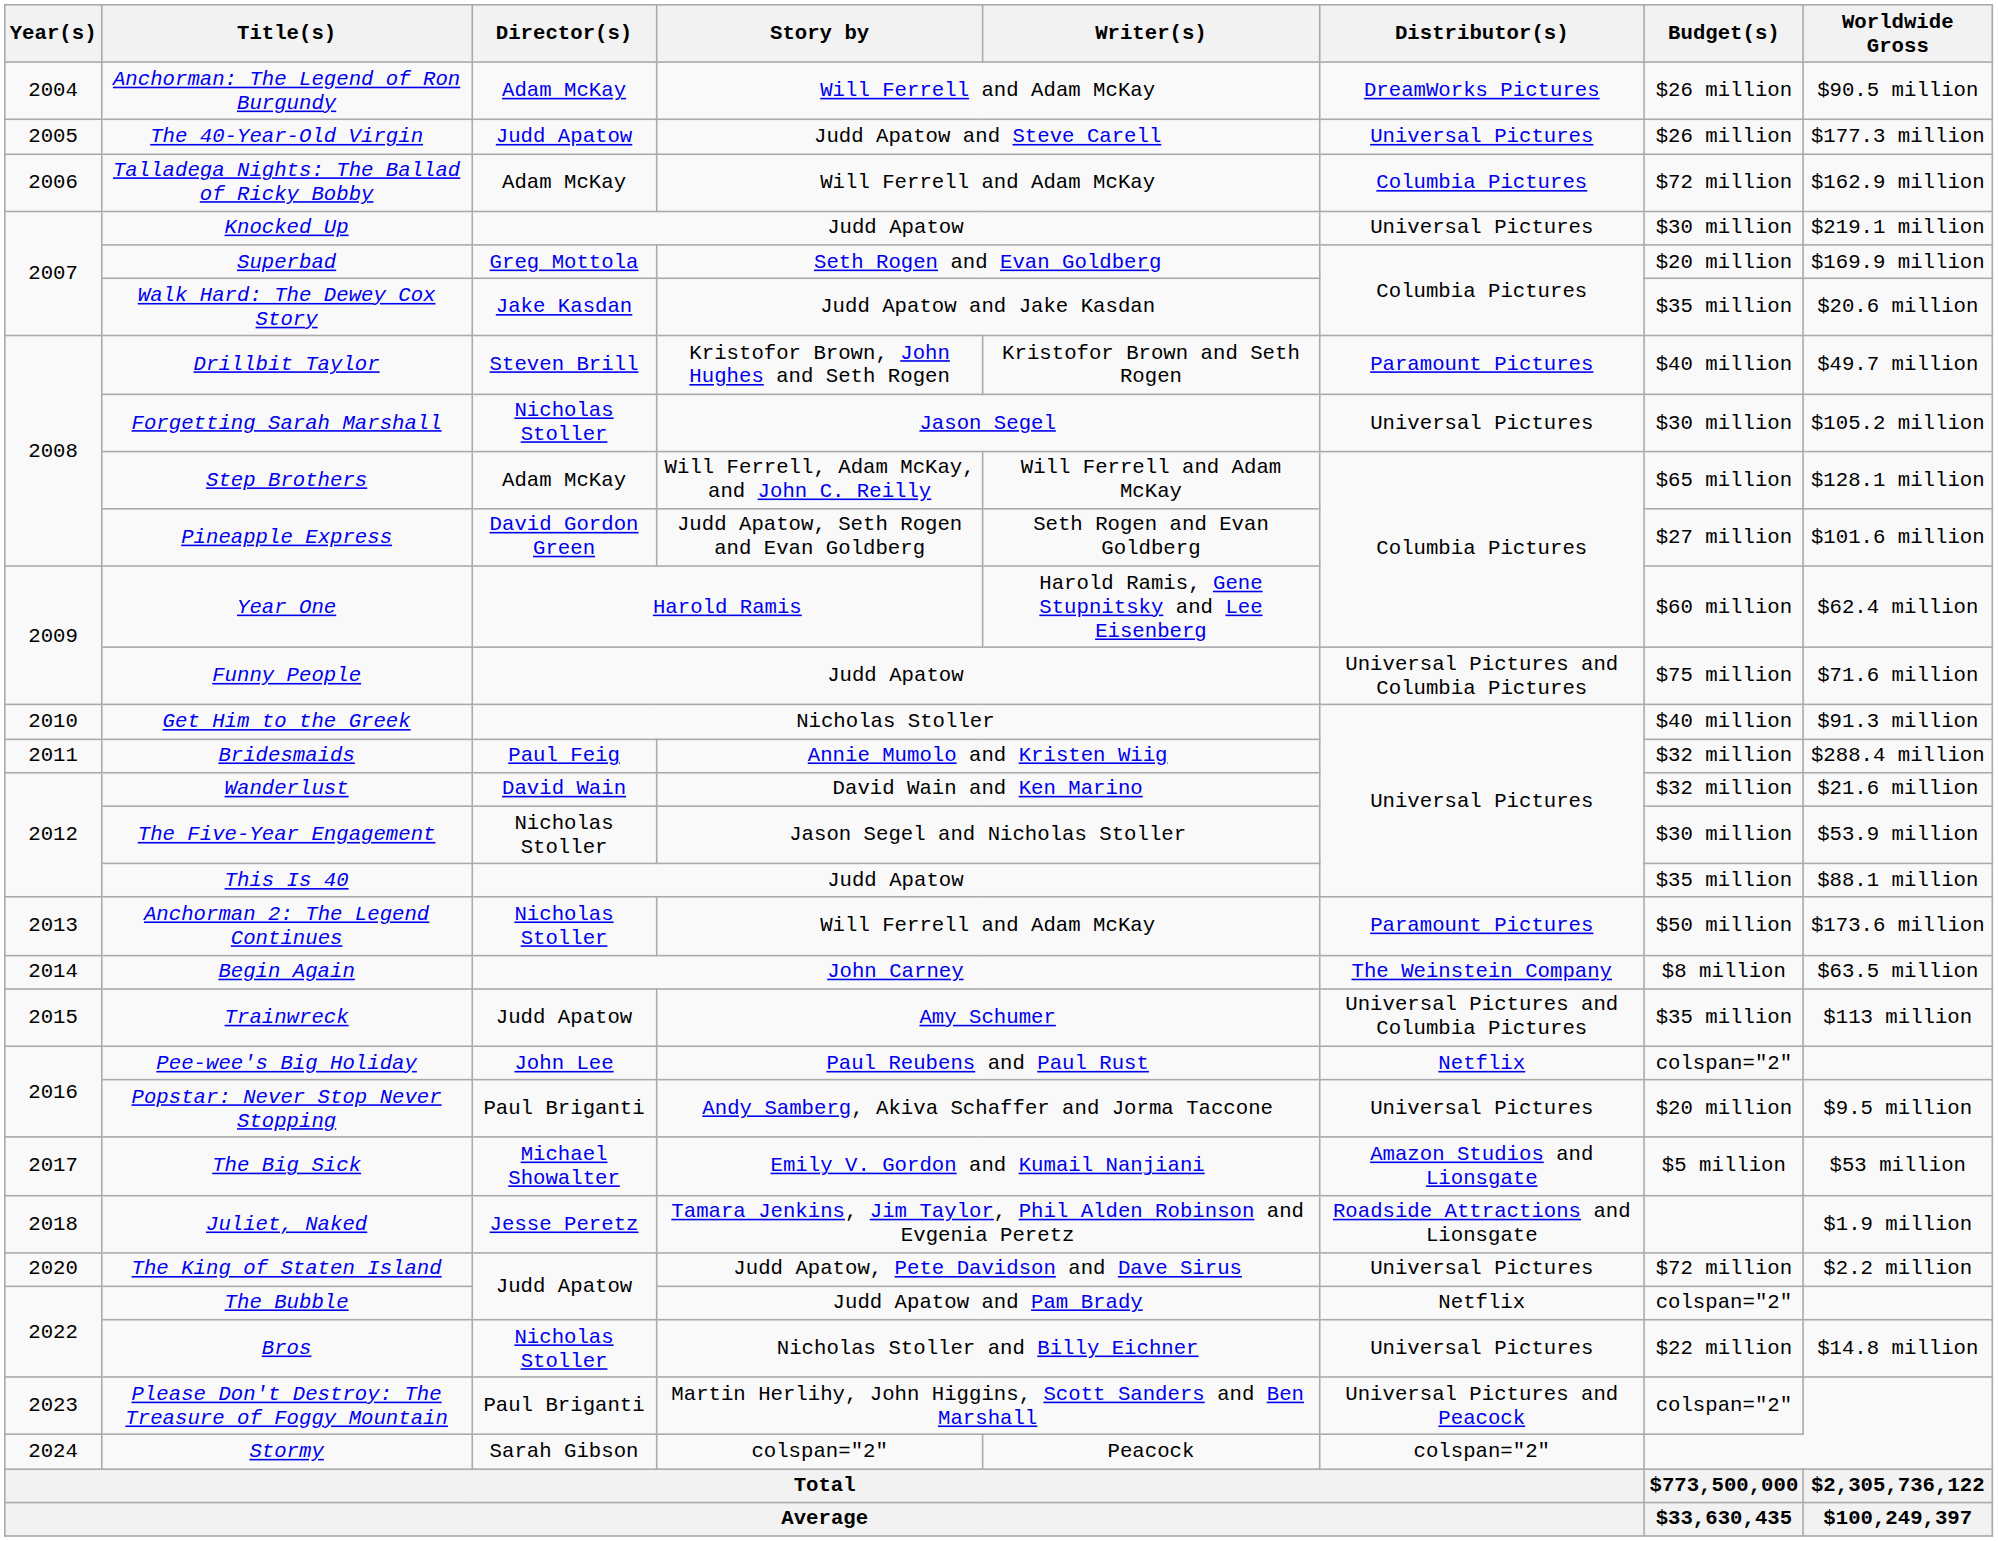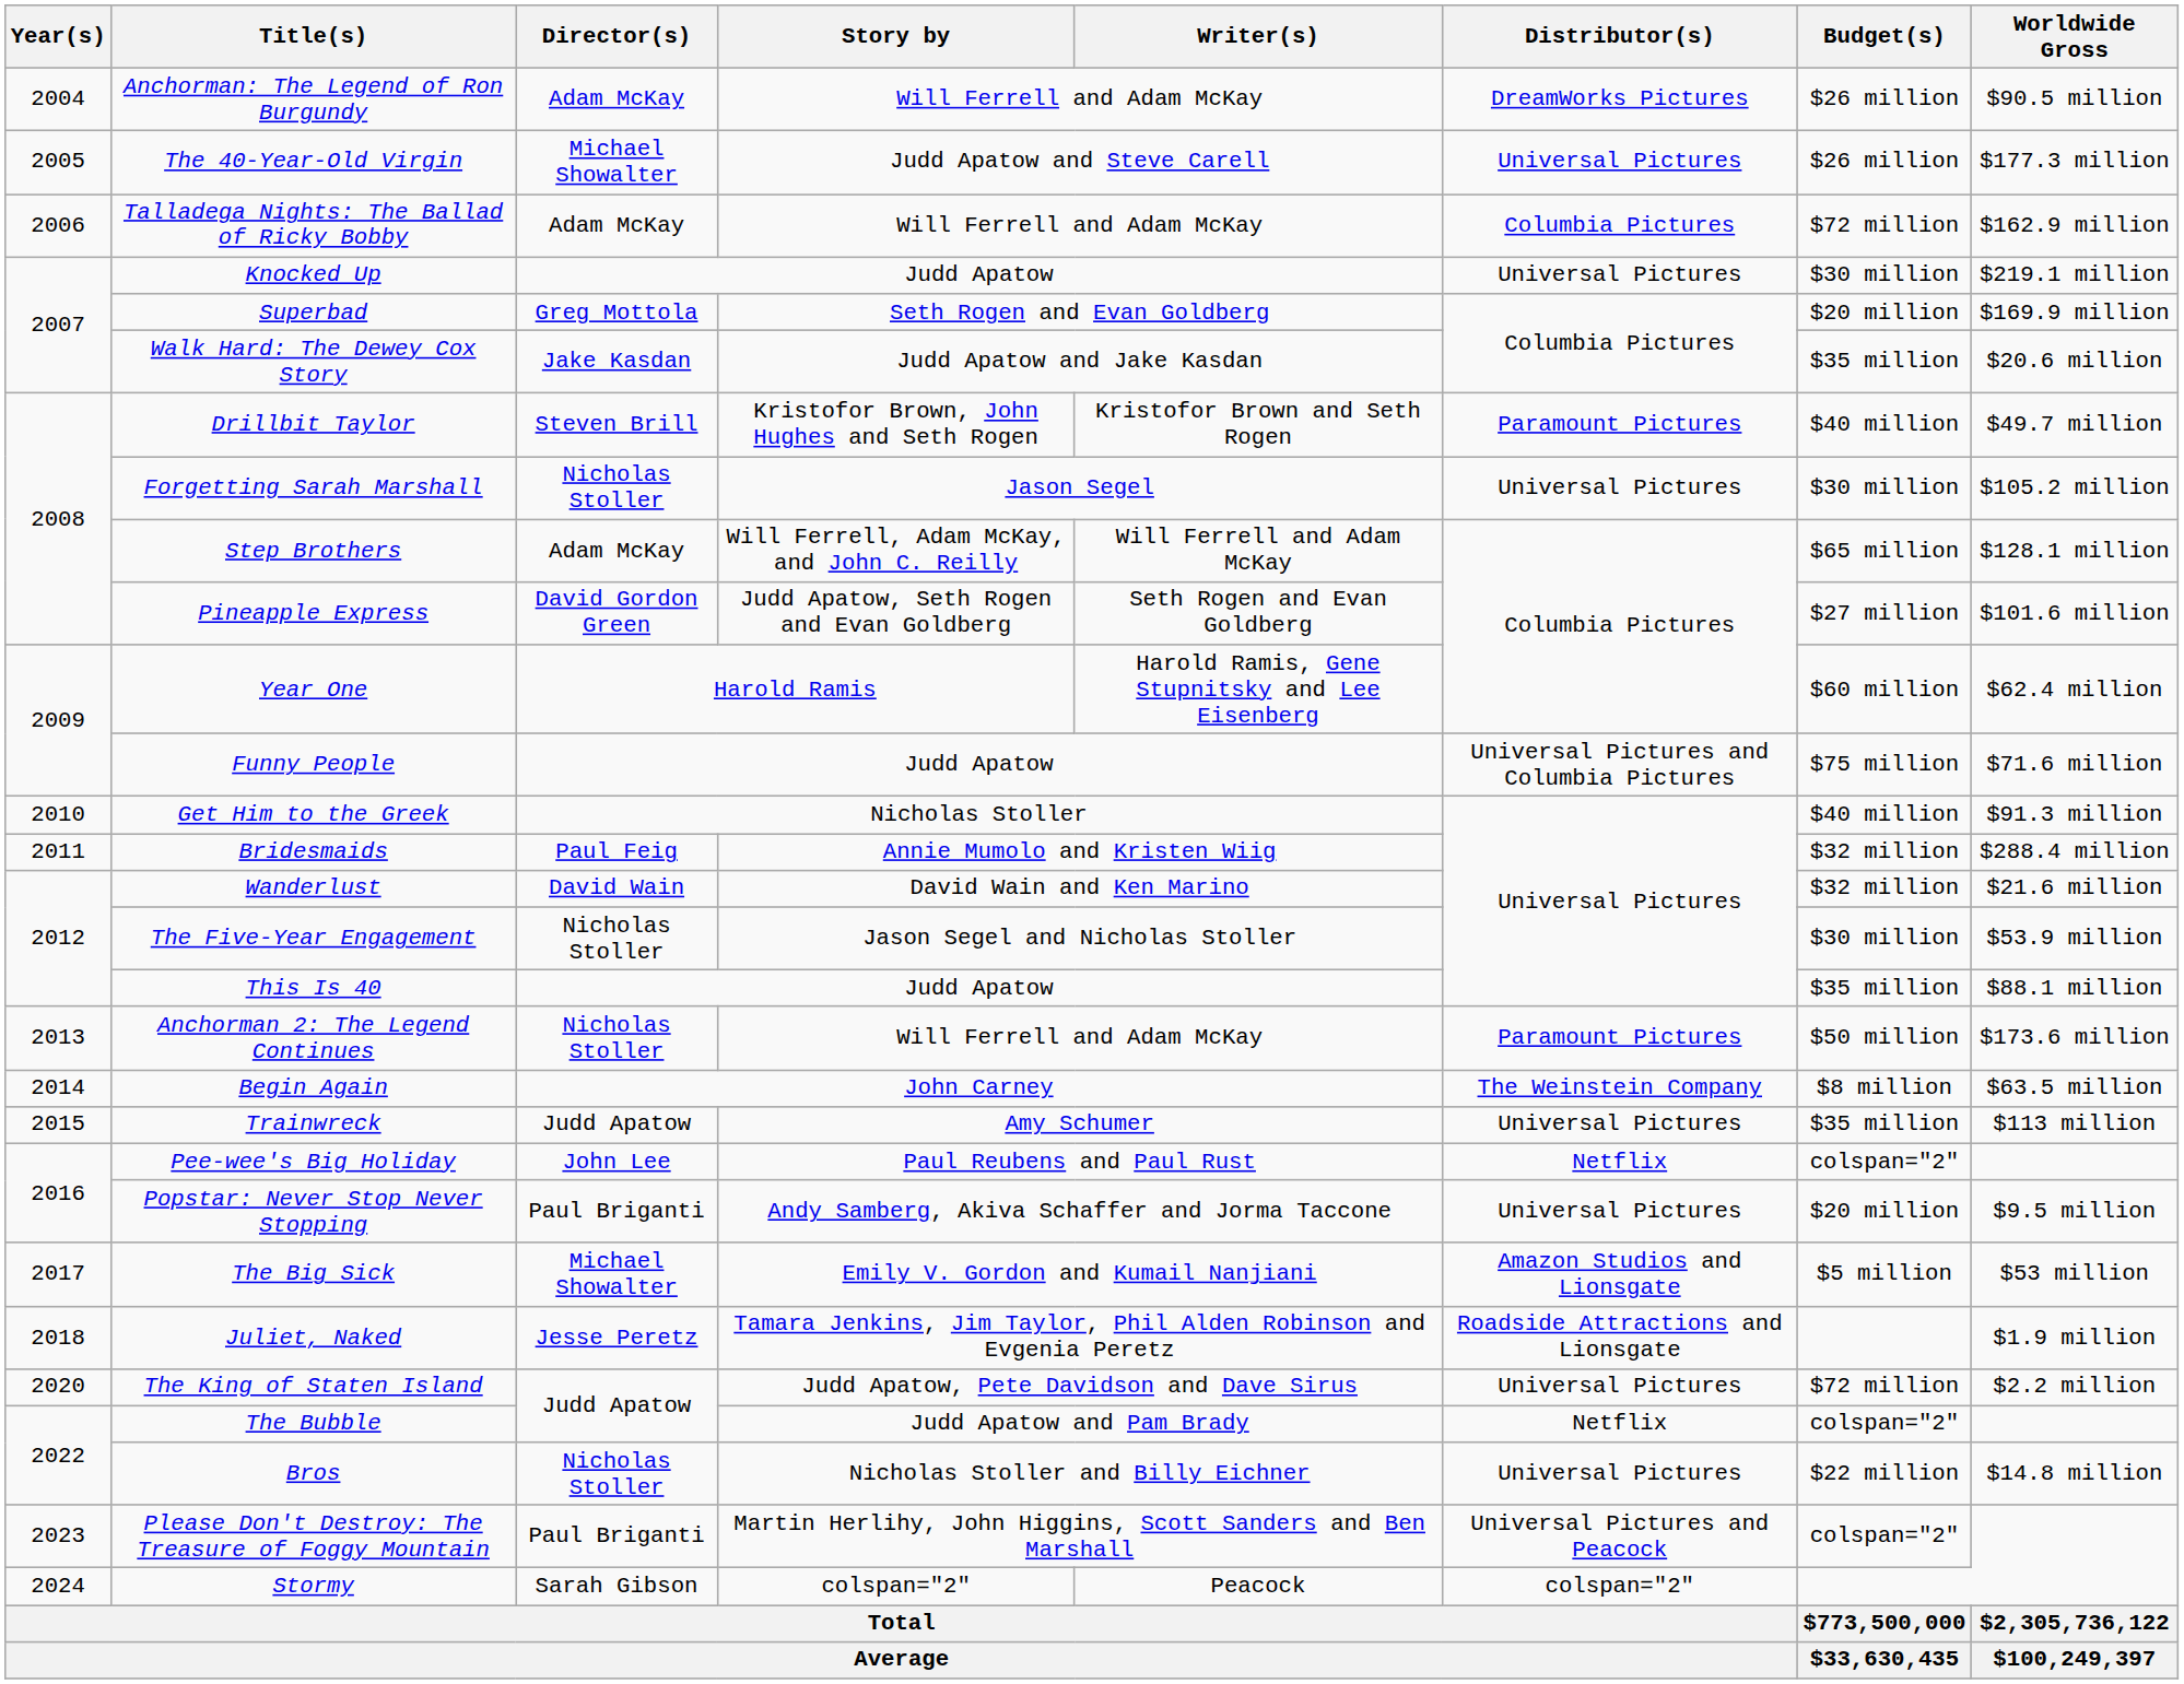 <table class="wikitable" style="text-align:center;">
 <tr>
 <th scope="col">Year(s)</th>
 <th scope="col">Title(s)</th>
 <th scope="col">Director(s)</th>
 <th scope="col">Story by</th>
 <th scope="col">Writer(s)</th>
 <th scope="col">Distributor(s)</th>
 <th scope="col">Budget(s)</th>
 <th scope="col">Worldwide Gross</th>
 </tr>
 <tr>
 <td>2004</td>
 <td><em><a href='#'>Anchorman: The Legend of Ron Burgundy</a></em></td>
 <td><a href='#'>Adam McKay</a></td>
 <td colspan="2"><a href='#'>Will Ferrell</a> and Adam McKay</td>
 <td><a href='#'>DreamWorks Pictures</a></td>
 <td>$26 million</td>
 <td>$90.5 million</td>
 </tr>
 <tr>
 <td>2005</td>
 <td><em><a href='#'>The 40-Year-Old Virgin</a></em></td>
-<td><a href='#'>Judd Apatow</a></td>
+<td><a href='#'>Michael Showalter</a></td>
 <td colspan="2">Judd Apatow and <a href='#'>Steve Carell</a></td>
 <td><a href='#'>Universal Pictures</a></td>
 <td>$26 million</td>
 <td>$177.3 million</td>
 </tr>
 <tr>
 <td>2006</td>
 <td><em><a href='#'>Talladega Nights: The Ballad of Ricky Bobby</a></em></td>
 <td>Adam McKay</td>
 <td colspan="2">Will Ferrell and Adam McKay</td>
 <td><a href='#'>Columbia Pictures</a></td>
 <td>$72 million</td>
 <td>$162.9 million</td>
 </tr>
 <tr>
 <td rowspan="3">2007</td>
 <td><em><a href='#'>Knocked Up</a></em></td>
 <td colspan="3">Judd Apatow</td>
 <td>Universal Pictures</td>
 <td>$30 million</td>
 <td>$219.1 million</td>
 </tr>
 <tr>
 <td><em><a href='#'>Superbad</a></em></td>
 <td><a href='#'>Greg Mottola</a></td>
 <td colspan="2"><a href='#'>Seth Rogen</a> and <a href='#'>Evan Goldberg</a></td>
 <td rowspan="2">Columbia Pictures</td>
 <td>$20 million</td>
 <td>$169.9 million</td>
 </tr>
 <tr>
 <td><em><a href='#'>Walk Hard: The Dewey Cox Story</a></em></td>
 <td><a href='#'>Jake Kasdan</a></td>
 <td colspan="2">Judd Apatow and Jake Kasdan</td>
 <td>$35 million</td>
 <td>$20.6 million</td>
 </tr>
 <tr>
 <td rowspan="4">2008</td>
 <td><em><a href='#'>Drillbit Taylor</a></em></td>
 <td><a href='#'>Steven Brill</a></td>
 <td>Kristofor Brown, <a href='#'>John Hughes</a> and Seth Rogen</td>
 <td>Kristofor Brown and Seth Rogen</td>
 <td><a href='#'>Paramount Pictures</a></td>
 <td>$40 million</td>
 <td>$49.7 million</td>
 </tr>
 <tr>
 <td><em><a href='#'>Forgetting Sarah Marshall</a></em></td>
 <td><a href='#'>Nicholas Stoller</a></td>
 <td colspan="2"><a href='#'>Jason Segel</a></td>
 <td>Universal Pictures</td>
 <td>$30 million</td>
 <td>$105.2 million</td>
 </tr>
 <tr>
 <td><em><a href='#'>Step Brothers</a></em></td>
 <td>Adam McKay</td>
 <td>Will Ferrell, Adam McKay, and <a href='#'>John C. Reilly</a></td>
 <td>Will Ferrell and Adam McKay</td>
 <td rowspan="3">Columbia Pictures</td>
 <td>$65 million</td>
 <td>$128.1 million</td>
 </tr>
 <tr>
 <td><em><a href='#'>Pineapple Express</a></em></td>
 <td><a href='#'>David Gordon Green</a></td>
 <td>Judd Apatow, Seth Rogen and Evan Goldberg</td>
 <td>Seth Rogen and Evan Goldberg</td>
 <td>$27 million</td>
 <td>$101.6 million</td>
 </tr>
 <tr>
 <td rowspan="2">2009</td>
 <td><em><a href='#'>Year One</a></em></td>
 <td colspan="2"><a href='#'>Harold Ramis</a></td>
 <td>Harold Ramis, <a href='#'>Gene Stupnitsky</a> and <a href='#'>Lee Eisenberg</a></td>
 <td>$60 million</td>
 <td>$62.4 million</td>
 </tr>
 <tr>
 <td><em><a href='#'>Funny People</a></em></td>
 <td colspan="3">Judd Apatow</td>
 <td>Universal Pictures and Columbia Pictures</td>
 <td>$75 million</td>
 <td>$71.6 million</td>
 </tr>
 <tr>
 <td>2010</td>
 <td><em><a href='#'>Get Him to the Greek</a></em></td>
 <td colspan="3">Nicholas Stoller</td>
 <td rowspan="5">Universal Pictures</td>
 <td>$40 million</td>
 <td>$91.3 million</td>
 </tr>
 <tr>
 <td>2011</td>
 <td><em><a href='#'>Bridesmaids</a></em></td>
 <td><a href='#'>Paul Feig</a></td>
 <td colspan="2"><a href='#'>Annie Mumolo</a> and <a href='#'>Kristen Wiig</a></td>
 <td>$32 million</td>
 <td>$288.4 million</td>
 </tr>
 <tr>
 <td rowspan="3">2012</td>
 <td><em><a href='#'>Wanderlust</a></em></td>
 <td><a href='#'>David Wain</a></td>
 <td colspan="2">David Wain and <a href='#'>Ken Marino</a></td>
 <td>$32 million</td>
 <td>$21.6 million</td>
 </tr>
 <tr>
 <td><em><a href='#'>The Five-Year Engagement</a></em></td>
 <td>Nicholas Stoller</td>
 <td colspan="2">Jason Segel and Nicholas Stoller</td>
 <td>$30 million</td>
 <td>$53.9 million</td>
 </tr>
 <tr>
 <td><em><a href='#'>This Is 40</a></em></td>
 <td colspan="3">Judd Apatow</td>
 <td>$35 million</td>
 <td>$88.1 million</td>
 </tr>
 <tr>
 <td>2013</td>
 <td><em><a href='#'>Anchorman 2: The Legend Continues</a></em></td>
 <td><a href='#'>Nicholas Stoller</a></td>
 <td colspan="2">Will Ferrell and Adam McKay</td>
 <td><a href='#'>Paramount Pictures</a></td>
 <td>$50 million</td>
 <td>$173.6 million</td>
 </tr>
 <tr>
 <td>2014</td>
 <td><em><a href='#'>Begin Again</a></em></td>
 <td colspan="3"><a href='#'>John Carney</a></td>
 <td><a href='#'>The Weinstein Company</a></td>
 <td>$8 million</td>
 <td>$63.5 million</td>
 </tr>
 <tr>
 <td>2015</td>
 <td><em><a href='#'>Trainwreck</a></em></td>
 <td>Judd Apatow</td>
 <td colspan="2"><a href='#'>Amy Schumer</a></td>
-<td>Universal Pictures and Columbia Pictures</td>
+<td>Universal Pictures</td>
 <td>$35 million</td>
 <td>$113 million</td>
 </tr>
 <tr>
 <td rowspan="2">2016</td>
 <td><em><a href='#'>Pee-wee's Big Holiday</a></em></td>
 <td><a href='#'>John Lee</a></td>
 <td colspan="2"><a href='#'>Paul Reubens</a> and <a href='#'>Paul Rust</a></td>
 <td><a href='#'>Netflix</a></td>
 <td>colspan="2" </td>
 </tr>
 <tr>
 <td><em><a href='#'>Popstar: Never Stop Never Stopping</a></em></td>
 <td>Paul Briganti</td>
 <td colspan="2"><a href='#'>Andy Samberg</a>, Akiva Schaffer and Jorma Taccone</td>
 <td>Universal Pictures</td>
 <td>$20 million</td>
 <td>$9.5 million</td>
 </tr>
 <tr>
 <td>2017</td>
 <td><em><a href='#'>The Big Sick</a></em></td>
 <td><a href='#'>Michael Showalter</a></td>
 <td colspan="2"><a href='#'>Emily V. Gordon</a> and <a href='#'>Kumail Nanjiani</a></td>
 <td><a href='#'>Amazon Studios</a> and <a href='#'>Lionsgate</a></td>
 <td>$5 million</td>
 <td>$53 million</td>
 </tr>
 <tr>
 <td>2018</td>
 <td><em><a href='#'>Juliet, Naked</a></em></td>
 <td><a href='#'>Jesse Peretz</a></td>
 <td colspan="2"><a href='#'>Tamara Jenkins</a>, <a href='#'>Jim Taylor</a>, <a href='#'>Phil Alden Robinson</a> and Evgenia Peretz</td>
 <td><a href='#'>Roadside Attractions</a> and Lionsgate</td>
 <td></td>
 <td>$1.9 million</td>
 </tr>
 <tr>
 <td>2020</td>
 <td><em><a href='#'>The King of Staten Island</a></em></td>
 <td rowspan="2">Judd Apatow</td>
 <td colspan="2">Judd Apatow, <a href='#'>Pete Davidson</a> and <a href='#'>Dave Sirus</a></td>
 <td>Universal Pictures</td>
 <td>$72 million</td>
 <td>$2.2 million</td>
 </tr>
 <tr>
 <td rowspan="2">2022</td>
 <td><em><a href='#'>The Bubble</a></em></td>
 <td colspan="2">Judd Apatow and <a href='#'>Pam Brady</a></td>
 <td>Netflix</td>
 <td>colspan="2" </td>
 </tr>
 <tr>
 <td><em><a href='#'>Bros</a></em></td>
 <td><a href='#'>Nicholas Stoller</a></td>
 <td colspan="2">Nicholas Stoller and <a href='#'>Billy Eichner</a></td>
 <td>Universal Pictures</td>
 <td>$22 million</td>
 <td>$14.8 million</td>
 </tr>
 <tr>
 <td>2023</td>
 <td><em><a href='#'>Please Don't Destroy: The Treasure of Foggy Mountain</a></em></td>
 <td>Paul Briganti</td>
 <td colspan="2">Martin Herlihy, John Higgins, <a href='#'>Scott Sanders</a> and <a href='#'>Ben Marshall</a></td>
 <td>Universal Pictures and <a href='#'>Peacock</a></td>
 <td>colspan="2" </td>
 </tr>
 <tr>
 <td>2024</td>
 <td><em><a href='#'>Stormy</a></em></td>
 <td>Sarah Gibson</td>
 <td>colspan="2" </td>
 <td>Peacock</td>
 <td>colspan="2" </td>
 </tr>
 <tr>
 <th colspan="6">Total</th>
 <th>$773,500,000</th>
 <th>$2,305,736,122</th>
 </tr>
 <tr>
 <th colspan="6">Average</th>
 <th>$33,630,435</th>
 <th>$100,249,397</th>
 </tr>
 </table>
